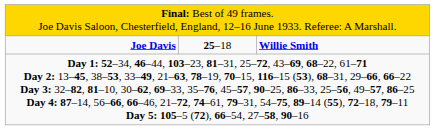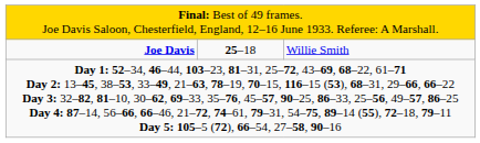 <table class="wikitable" style="font-size: 95%; margin: 1em auto 1em auto;">
 <tr>
 <td colspan="3" align="center" bgcolor="#ffd700"><strong>Final:</strong> Best of 49 frames.<br>Joe Davis Saloon, Chesterfield, England, 12–16 June 1933. Referee: A Marshall.</td>
 </tr>
 <tr>
 <td width="230" align="right"><strong><a href='#'>Joe Davis</a></strong><br></td>
 <td width="100" align="center"><strong>25</strong>–18</td>
-<td width="230"><strong><a href='#'>Willie Smith</a><br></strong></td>
+<td width="230"><a href='#'>Willie Smith</a><br></td>
 </tr>
 <tr>
 <td colspan="3" align="center" style="font-size: 100%"><strong>Day 1:</strong> <strong>52</strong>–34, <strong>46</strong>–44, <strong>103</strong>–23, <strong>81</strong>–31, 25–<strong>72</strong>, 43–<strong>69</strong>, <strong>68</strong>–22, 61–<strong>71</strong><br><strong>Day 2:</strong> 13–<strong>45</strong>, 38–<strong>53</strong>, 33–<strong>49</strong>, 21–<strong>63</strong>, <strong>78</strong>–19, <strong>70</strong>–15, <strong>116</strong>–15 (<strong>53</strong>), <strong>68</strong>–31, 29–<strong>66</strong>, <strong>66</strong>–22<br><strong>Day 3:</strong> 32–<strong>82</strong>, <strong>81</strong>–10, 30–<strong>62</strong>, <strong>69</strong>–33, 35–<strong>76</strong>, 45–<strong>57</strong>, <strong>90</strong>–25, <strong>86</strong>–33, 25–<strong>56</strong>, 49–<strong>57</strong>, <strong>86</strong>–25<br><strong>Day 4:</strong> <strong>87</strong>–14, 56–<strong>66</strong>, <strong>66</strong>–46, 21–<strong>72</strong>, <strong>74</strong>–61, <strong>79</strong>–31, 54–<strong>75</strong>, <strong>89</strong>–14 (<strong>55</strong>), <strong>72</strong>–18, <strong>79</strong>–11<br><strong>Day 5:</strong> <strong>105</strong>–5 (<strong>72</strong>), <strong>66</strong>–54, 27–<strong>58</strong>, <strong>90</strong>–16</td>
 </tr>
 </table>
